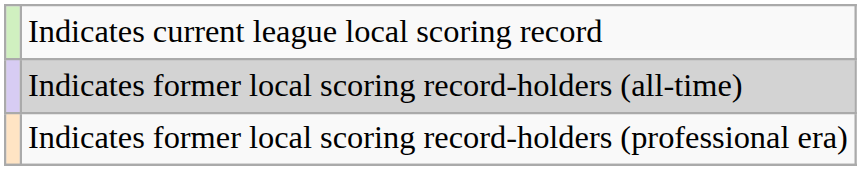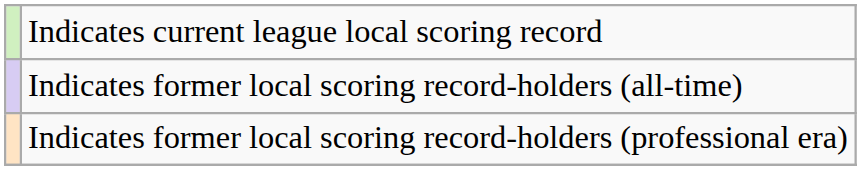 <table class="wikitable" style="font-size:90%;">
 <tr>
 <td style="background-color:#d0f0c0"></td>
 <td>Indicates current league local scoring record</td>
 </tr>
 <tr>
 <td style="background-color:#d7ccf3"></td>
-<td style="background: lightgrey;">Indicates former local scoring record-holders (all-time)</td>
+<td>Indicates former local scoring record-holders (all-time)</td>
 </tr>
 <tr>
 <td style="background-color:#ffe4c4"></td>
 <td>Indicates former local scoring record-holders (professional era)</td>
 </tr>
 <tr>
 </tr>
 </table>
